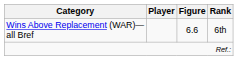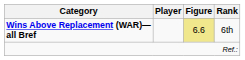 <table class="wikitable sortable" border="1" style="font-size: 90%">
 <tr>
 <th>Category</th>
 <th>Player</th>
 <th>Figure</th>
 <th>Rank</th>
 </tr>
 <tr>
-<td><a href='#'>Wins Above Replacement</a> (WAR)—<br>all Bref</td>
+<td><strong><a href='#'>Wins Above Replacement</a> (WAR)—<br>all Bref</strong></td>
 <td></td>
-<td align="center">6.6</td>
+<td align="center" style="background: khaki;">6.6</td>
 <td align="center">6th</td>
 </tr>
 <tr class="sortbottom">
 <td colspan="4;" align="right"><small><em>Ref.:</em></small></td>
 </tr>
 </table>
